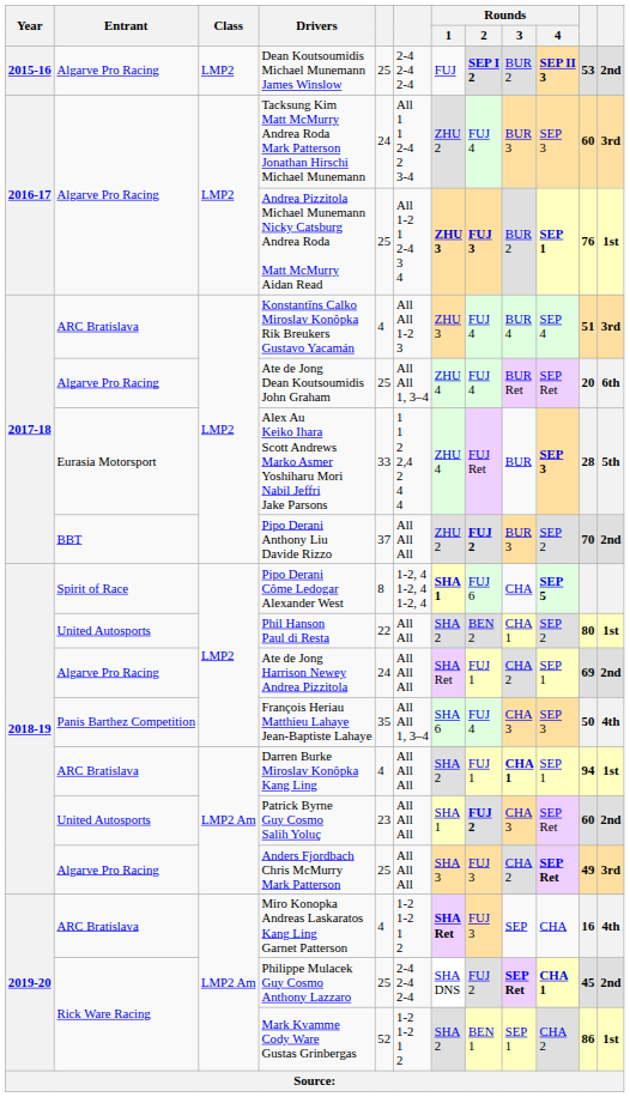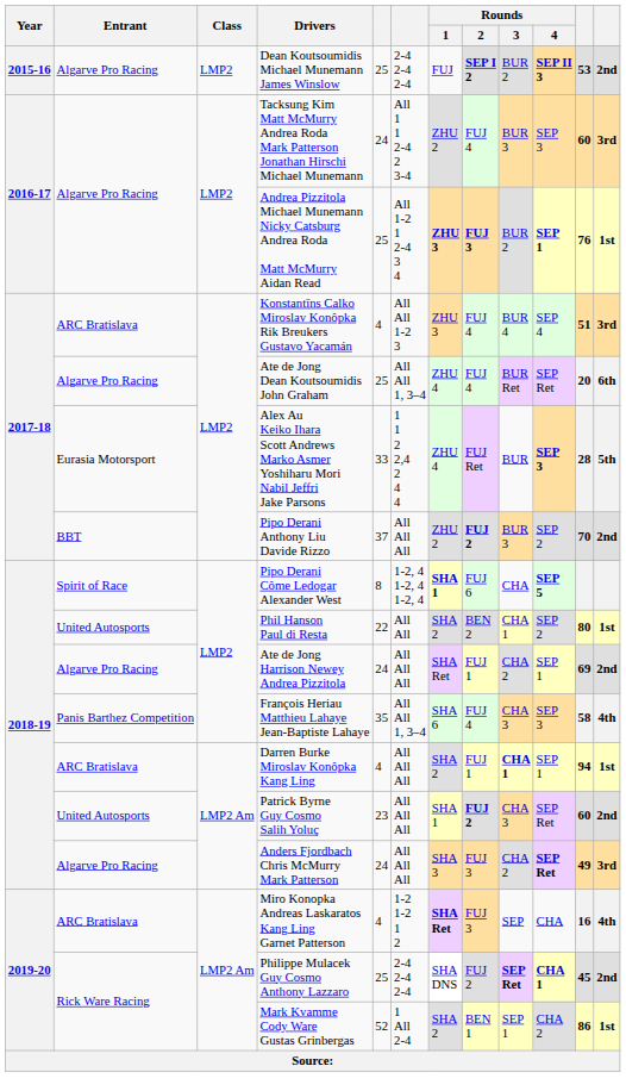 <table class="wikitable">
 <tr>
 <th rowspan="2">Year</th>
 <th rowspan="2">Entrant</th>
 <th rowspan="2">Class</th>
 <th rowspan="2">Drivers</th>
 <th rowspan="2"></th>
 <th rowspan="2"></th>
 <th colspan="4">Rounds</th>
 <th rowspan="2"></th>
 <th rowspan="2"></th>
 </tr>
 <tr>
 <th>1</th>
 <th>2</th>
 <th>3</th>
 <th>4</th>
 </tr>
 <tr>
 <th><a href='#'>2015-16</a></th>
 <td> <a href='#'>Algarve Pro Racing</a></td>
 <td><a href='#'>LMP2</a></td>
 <td> Dean Koutsoumidis<br> Michael Munemann<br> <a href='#'>James Winslow</a></td>
 <td>25</td>
 <td>2-4<br>2-4<br>2-4</td>
 <td><a href='#'>FUJ</a><br></td>
 <td style="background:#DFDFDF;”"><strong><a href='#'>SEP I</a></strong><br><strong>2</strong></td>
 <td style="background:#DFDFDF;”"><a href='#'>BUR</a><br>2</td>
 <td style="background:#FFDF9F;”"><strong><a href='#'>SEP II</a></strong><br><strong>3</strong></td>
 <th style="background:#DFDFDF;”">53</th>
 <th style="background:#DFDFDF;”">2nd</th>
 </tr>
 <tr>
 <th rowspan="2"><a href='#'>2016-17</a></th>
 <td rowspan="2"> <a href='#'>Algarve Pro Racing</a></td>
 <td rowspan="2"><a href='#'>LMP2</a></td>
 <td> Tacksung Kim<br> <a href='#'>Matt McMurry</a><br> Andrea Roda<br> <a href='#'>Mark Patterson</a><br> <a href='#'>Jonathan Hirschi</a><br> Michael Munemann</td>
 <td>24</td>
 <td>All<br>1<br>1<br>2-4<br>2<br>3-4</td>
 <td style="background:#DFDFDF;”"><a href='#'>ZHU</a><br>2</td>
 <td style="background:#DFFFDF;"><a href='#'>FUJ</a><br>4</td>
 <td style="background:#FFDF9F;”"><a href='#'>BUR</a><br>3</td>
 <td style="background:#FFDF9F;”"><a href='#'>SEP</a><br>3</td>
 <th style="background:#FFDF9F;”">60</th>
 <th style="background:#FFDF9F;”">3rd</th>
 </tr>
 <tr>
 <td> <a href='#'>Andrea Pizzitola</a><br> Michael Munemann<br> <a href='#'>Nicky Catsburg</a><br> Andrea Roda<br><br> <a href='#'>Matt McMurry</a><br> Aidan Read</td>
 <td>25</td>
 <td>All<br>1-2<br>1<br>2-4<br>3<br>4</td>
 <td style="background:#FFDF9F;”"><a href='#'><strong>ZHU</strong></a><br><strong>3</strong></td>
 <td style="background:#FFDF9F;”"><a href='#'><strong>FUJ</strong></a><br><strong>3</strong></td>
 <td style="background:#DFDFDF;”"><a href='#'>BUR</a><br>2</td>
 <td style="background:#FFFFBF;”"><a href='#'><strong>SEP</strong></a><br><strong>1</strong></td>
 <th style="background:#FFFFBF;”">76</th>
 <th style="background:#FFFFBF;”">1st</th>
 </tr>
 <tr>
 <th rowspan="4"><a href='#'>2017-18</a></th>
 <td> <a href='#'>ARC Bratislava</a></td>
 <td rowspan="4"><a href='#'>LMP2</a></td>
 <td> <a href='#'>Konstantīns Calko</a><br> <a href='#'>Miroslav Konôpka</a><br> Rik Breukers<br> <a href='#'>Gustavo Yacamán</a></td>
 <td>4</td>
 <td>All<br>All<br>1-2<br>3</td>
 <td style="background:#FFDF9F;”"><a href='#'>ZHU</a><br>3</td>
 <td style="background:#DFFFDF;"><a href='#'>FUJ</a><br>4</td>
 <td style="background:#DFFFDF;"><a href='#'>BUR</a><br>4</td>
 <td style="background:#DFFFDF;"><a href='#'>SEP</a><br>4</td>
 <th style="background:#FFDF9F;”">51</th>
 <th style="background:#FFDF9F;”">3rd</th>
 </tr>
 <tr>
 <td> <a href='#'>Algarve Pro Racing</a></td>
 <td> Ate de Jong<br> Dean Koutsoumidis<br> John Graham</td>
 <td>25</td>
 <td>All<br>All<br>1, 3–4</td>
 <td style="background:#DFFFDF;"><a href='#'>ZHU</a><br>4</td>
 <td style="background:#DFFFDF;"><a href='#'>FUJ</a><br>4</td>
 <td style="background:#EFCFFF;"><a href='#'>BUR</a><br>Ret</td>
 <td style="background:#EFCFFF;"><a href='#'>SEP</a><br>Ret</td>
 <th>20</th>
 <th>6th</th>
 </tr>
 <tr>
 <td> Eurasia Motorsport</td>
 <td> Alex Au<br> <a href='#'>Keiko Ihara</a><br> Scott Andrews<br> <a href='#'>Marko Asmer</a><br> Yoshiharu Mori<br> <a href='#'>Nabil Jeffri</a><br> Jake Parsons</td>
 <td>33</td>
 <td>1<br>1<br>2<br>2,4<br>2<br>4<br>4</td>
 <td style="background:#DFFFDF;"><a href='#'>ZHU</a><br>4</td>
 <td style="background:#EFCFFF;"><a href='#'>FUJ</a><br>Ret</td>
 <td><a href='#'>BUR</a><br></td>
 <td style="background:#FFDF9F;”"><a href='#'><strong>SEP</strong></a><br><strong>3</strong></td>
 <th>28</th>
 <th>5th</th>
 </tr>
 <tr>
 <td> <a href='#'>BBT</a></td>
 <td> <a href='#'>Pipo Derani</a><br> Anthony Liu<br> Davide Rizzo</td>
 <td>37</td>
 <td>All<br>All<br>All</td>
 <td style="background:#DFDFDF;”"><a href='#'>ZHU</a><br>2</td>
 <td style="background:#DFDFDF;”"><a href='#'><strong>FUJ</strong></a><br><strong>2</strong></td>
 <td style="background:#FFDF9F;”"><a href='#'>BUR</a><br>3</td>
 <td style="background:#DFDFDF;”"><a href='#'>SEP</a><br>2</td>
 <th style="background:#DFDFDF;”">70</th>
 <th style="background:#DFDFDF;”">2nd</th>
 </tr>
 <tr>
 <th rowspan="7"><a href='#'>2018-19</a></th>
 <td> <a href='#'>Spirit of Race</a></td>
 <td rowspan="4"><a href='#'>LMP2</a></td>
 <td> <a href='#'>Pipo Derani</a><br> <a href='#'>Côme Ledogar</a><br> Alexander West</td>
 <td>8</td>
 <td>1-2, 4<br>1-2, 4<br>1-2, 4</td>
 <td style="background:#FFFFBF;”"><strong><a href='#'>SHA</a><br>1</strong></td>
 <td style="background:#DFFFDF;"><a href='#'>FUJ</a><br>6</td>
 <td><a href='#'>CHA</a><br></td>
 <td style="background:#DFFFDF;"><strong><a href='#'>SEP</a><br>5</strong></td>
 <th></th>
 <th></th>
 </tr>
 <tr>
 <td> <a href='#'>United Autosports</a></td>
 <td> <a href='#'>Phil Hanson</a><br> <a href='#'>Paul di Resta</a></td>
 <td>22</td>
 <td>All<br>All</td>
 <td style="background:#DFDFDF;”"><a href='#'>SHA</a><br>2</td>
 <td style="background:#DFDFDF;”"><a href='#'>BEN</a><br>2</td>
 <td style="background:#FFFFBF;”"><a href='#'>CHA</a><br>1</td>
 <td style="background:#DFDFDF;”"><a href='#'>SEP</a><br>2</td>
 <th style="background:#FFFFBF;”">80</th>
 <th style="background:#FFFFBF;”">1st</th>
 </tr>
 <tr>
 <td> <a href='#'>Algarve Pro Racing</a></td>
 <td> Ate de Jong<br> <a href='#'>Harrison Newey</a><br> <a href='#'>Andrea Pizzitola</a></td>
 <td>24</td>
 <td>All<br>All<br>All</td>
 <td style="background:#EFCFFF;"><a href='#'>SHA</a><br>Ret</td>
 <td style="background:#FFFFBF;”"><a href='#'>FUJ</a><br>1</td>
 <td style="background:#DFDFDF;”"><a href='#'>CHA</a><br>2</td>
 <td style="background:#FFFFBF;”"><a href='#'>SEP</a><br>1</td>
 <th style="background:#DFDFDF;”">69</th>
 <th style="background:#DFDFDF;”">2nd</th>
 </tr>
 <tr>
 <td> <a href='#'>Panis Barthez Competition</a></td>
 <td> François Heriau<br> <a href='#'>Matthieu Lahaye</a><br> Jean-Baptiste Lahaye</td>
 <td>35</td>
 <td>All<br>All<br>1, 3–4</td>
 <td style="background:#DFFFDF;"><a href='#'>SHA</a><br>6</td>
 <td style="background:#DFFFDF;"><a href='#'>FUJ</a><br>4</td>
 <td style="background:#FFDF9F;”"><a href='#'>CHA</a><br>3</td>
 <td style="background:#FFDF9F;”"><a href='#'>SEP</a><br>3</td>
-<th>50</th>
+<th>58</th>
 <th>4th</th>
 </tr>
 <tr>
 <td> <a href='#'>ARC Bratislava</a></td>
 <td rowspan="3"><a href='#'>LMP2 Am</a></td>
 <td> Darren Burke<br> <a href='#'>Miroslav Konôpka</a><br> <a href='#'>Kang Ling</a></td>
 <td>4</td>
 <td>All<br>All<br>All</td>
 <td style="background:#DFDFDF;”"><a href='#'>SHA</a><br>2</td>
 <td style="background:#FFFFBF;”"><a href='#'>FUJ</a><br>1</td>
 <td style="background:#FFFFBF;”"><a href='#'><strong>CHA</strong></a><br><strong>1</strong></td>
 <td style="background:#FFFFBF;”"><a href='#'>SEP</a><br>1</td>
 <th style="background:#FFFFBF;”">94</th>
 <th style="background:#FFFFBF;”">1st</th>
 </tr>
 <tr>
 <td> <a href='#'>United Autosports</a></td>
 <td> Patrick Byrne<br> <a href='#'>Guy Cosmo</a><br> <a href='#'>Salih Yoluç</a></td>
 <td>23</td>
 <td>All<br>All<br>All</td>
 <td style="background:#FFFFBF;”"><a href='#'>SHA</a><br>1</td>
 <td style="background:#DFDFDF;”"><a href='#'><strong>FUJ</strong></a><br><strong>2</strong></td>
 <td style="background:#FFDF9F;”"><a href='#'>CHA</a><br>3</td>
 <td style="background:#EFCFFF;"><a href='#'>SEP</a><br>Ret</td>
 <th style="background:#DFDFDF;”">60</th>
 <th style="background:#DFDFDF;”">2nd</th>
 </tr>
 <tr>
 <td> <a href='#'>Algarve Pro Racing</a></td>
 <td> <a href='#'>Anders Fjordbach</a><br> Chris McMurry<br> <a href='#'>Mark Patterson</a></td>
-<td>25</td>
+<td>24</td>
 <td>All<br>All<br>All</td>
 <td style="background:#FFDF9F;”"><a href='#'>SHA</a><br>3</td>
 <td style="background:#FFDF9F;”"><a href='#'>FUJ</a><br>3</td>
 <td style="background:#DFDFDF;”"><a href='#'>CHA</a><br>2</td>
 <td style="background:#EFCFFF;"><a href='#'><strong>SEP</strong></a><br><strong>Ret</strong></td>
 <th style="background:#FFDF9F;”">49</th>
 <th style="background:#FFDF9F;”">3rd</th>
 </tr>
 <tr>
 <th rowspan="3"><a href='#'>2019-20</a></th>
 <td> <a href='#'>ARC Bratislava</a></td>
 <td rowspan="3"><a href='#'>LMP2 Am</a></td>
 <td> Miro Konopka<br> Andreas Laskaratos<br> <a href='#'>Kang Ling</a><br> Garnet Patterson</td>
 <td>4</td>
 <td>1-2<br>1-2<br>1<br>2</td>
 <td style="background:#EFCFFF;"><a href='#'><strong>SHA</strong></a><strong><br>Ret</strong></td>
 <td style="background:#FFDF9F;”"><a href='#'>FUJ</a><br>3</td>
 <td><a href='#'>SEP</a><br></td>
 <td><a href='#'>CHA</a><br></td>
 <th>16</th>
 <th>4th</th>
 </tr>
 <tr>
 <td rowspan="2"> <a href='#'>Rick Ware Racing</a></td>
 <td> Philippe Mulacek<br> <a href='#'>Guy Cosmo</a><br> <a href='#'>Anthony Lazzaro</a></td>
 <td>25</td>
 <td>2-4<br>2-4<br>2-4</td>
 <td style="background:#ffffff;”"><a href='#'>SHA</a><br>DNS</td>
 <td style="background:#DFDFDF;”"><a href='#'>FUJ</a><br>2</td>
 <td style="background:#EFCFFF;"><a href='#'><strong>SEP</strong></a><strong><br>Ret</strong></td>
 <td style="background:#FFFFBF;”"><a href='#'><strong>CHA</strong></a><strong><br>1</strong></td>
 <th style="background:#DFDFDF;”">45</th>
 <th style="background:#DFDFDF;”">2nd</th>
 </tr>
 <tr>
 <td> <a href='#'>Mark Kvamme</a><br> <a href='#'>Cody Ware</a><br> Gustas Grinbergas</td>
 <td>52</td>
-<td>1-2<br>1-2<br>1<br>2</td>
+<td>1<br>All<br>2-4</td>
 <td style="background:#DFDFDF;”"><a href='#'>SHA</a><br>2</td>
 <td style="background:#FFFFBF;”"><a href='#'>BEN</a><br>1</td>
 <td style="background:#FFFFBF;”"><a href='#'>SEP</a><br>1</td>
 <td style="background:#DFDFDF;”"><a href='#'>CHA</a><br>2</td>
 <th style="background:#FFFFBF;”">86</th>
 <th style="background:#FFFFBF;”">1st</th>
 </tr>
 <tr>
 <th colspan="12">Source:</th>
 </tr>
 </table>
